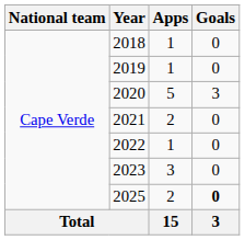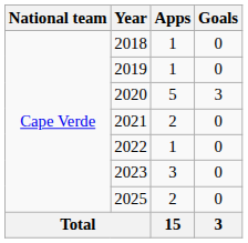 <table class=wikitable style=text-align:center>
 <tr>
 <th>National team</th>
 <th>Year</th>
 <th>Apps</th>
 <th>Goals</th>
 </tr>
 <tr>
 <td rowspan=7><a href='#'>Cape Verde</a></td>
 <td>2018</td>
 <td>1</td>
 <td>0</td>
 </tr>
 <tr>
 <td>2019</td>
 <td>1</td>
 <td>0</td>
 </tr>
 <tr>
 <td>2020</td>
 <td>5</td>
 <td>3</td>
 </tr>
 <tr>
 <td>2021</td>
 <td>2</td>
 <td>0</td>
 </tr>
 <tr>
 <td>2022</td>
 <td>1</td>
 <td>0</td>
 </tr>
 <tr>
 <td>2023</td>
 <td>3</td>
 <td>0</td>
 </tr>
 <tr>
 <td>2025</td>
 <td>2</td>
-<td><strong>0</strong></td>
+<td>0</td>
 </tr>
 <tr>
 <th colspan=2>Total</th>
 <th>15</th>
 <th>3</th>
 </tr>
 </table>
